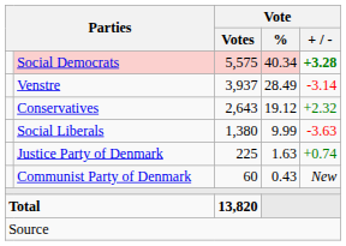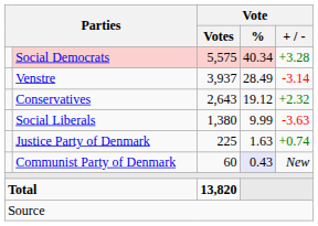 <table class="wikitable" style="text-align:right;">
 <tr>
 <th style="text-align:centre;" rowspan="2" colspan="2" width="225">Parties</th>
 <th colspan="3">Vote</th>
 </tr>
 <tr>
 <th width="15">Votes</th>
 <th width="15">%</th>
 <th width="15">+ / -</th>
 </tr>
 <tr>
 <td width="2" style="color:inherit;background:"></td>
 <td bgcolor=#fbd0ce  align="left"><a href='#'>Social Democrats</a></td>
 <td bgcolor=#fbd0ce>5,575</td>
 <td bgcolor=#fbd0ce>40.34</td>
-<td style=color:green;><strong>+3.28</strong></td>
+<td style=color:green;>+3.28</td>
 </tr>
 <tr>
 <td width="2" style="color:inherit;background:"></td>
 <td align="left"><a href='#'>Venstre</a></td>
 <td>3,937</td>
 <td>28.49</td>
 <td style=color:red;>-3.14</td>
 </tr>
 <tr>
 <td width="2" style="color:inherit;background:"></td>
 <td align="left"><a href='#'>Conservatives</a></td>
 <td>2,643</td>
 <td>19.12</td>
 <td style=color:green;>+2.32</td>
 </tr>
 <tr>
 <td width="2" style="color:inherit;background:"></td>
 <td align="left"><a href='#'>Social Liberals</a></td>
 <td>1,380</td>
 <td>9.99</td>
 <td style=color:red;>-3.63</td>
 </tr>
 <tr>
 <td width="2" style="color:inherit;background:"></td>
 <td align="left"><a href='#'>Justice Party of Denmark</a></td>
 <td>225</td>
 <td>1.63</td>
 <td style=color:green;>+0.74</td>
 </tr>
 <tr>
 <td width="2" style="color:inherit;background:"></td>
 <td align="left"><a href='#'>Communist Party of Denmark</a></td>
 <td>60</td>
-<td>0.43</td>
+<td style="background: lavender;">0.43</td>
 <td><em>New</em></td>
 </tr>
 <tr>
 <td colspan="7" bgcolor="#E9E9E9"></td>
 </tr>
 <tr>
 <td align="left" colspan="2"><strong>Total</strong></td>
 <td><strong>13,820</strong></td>
 <td bgcolor="#E9E9E9" colspan="2"></td>
 </tr>
 <tr>
 <td align="left" colspan="6">Source</td>
 </tr>
 </table>
